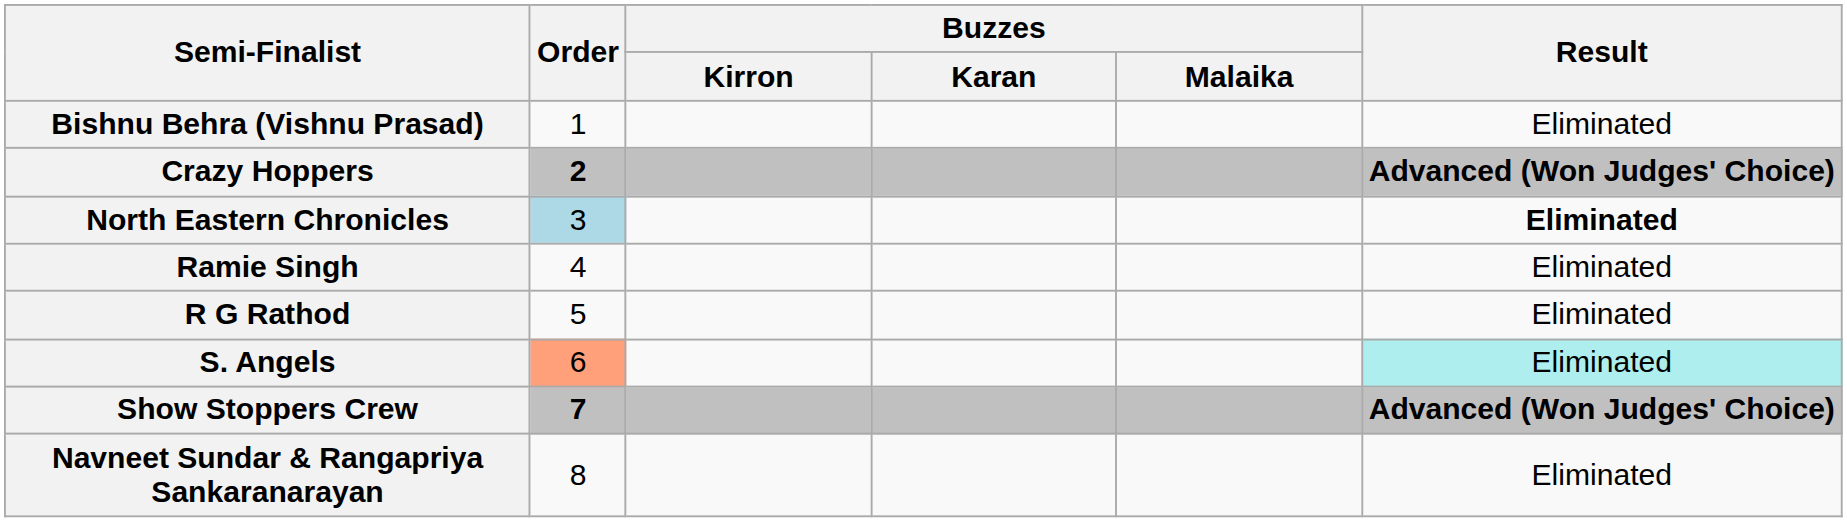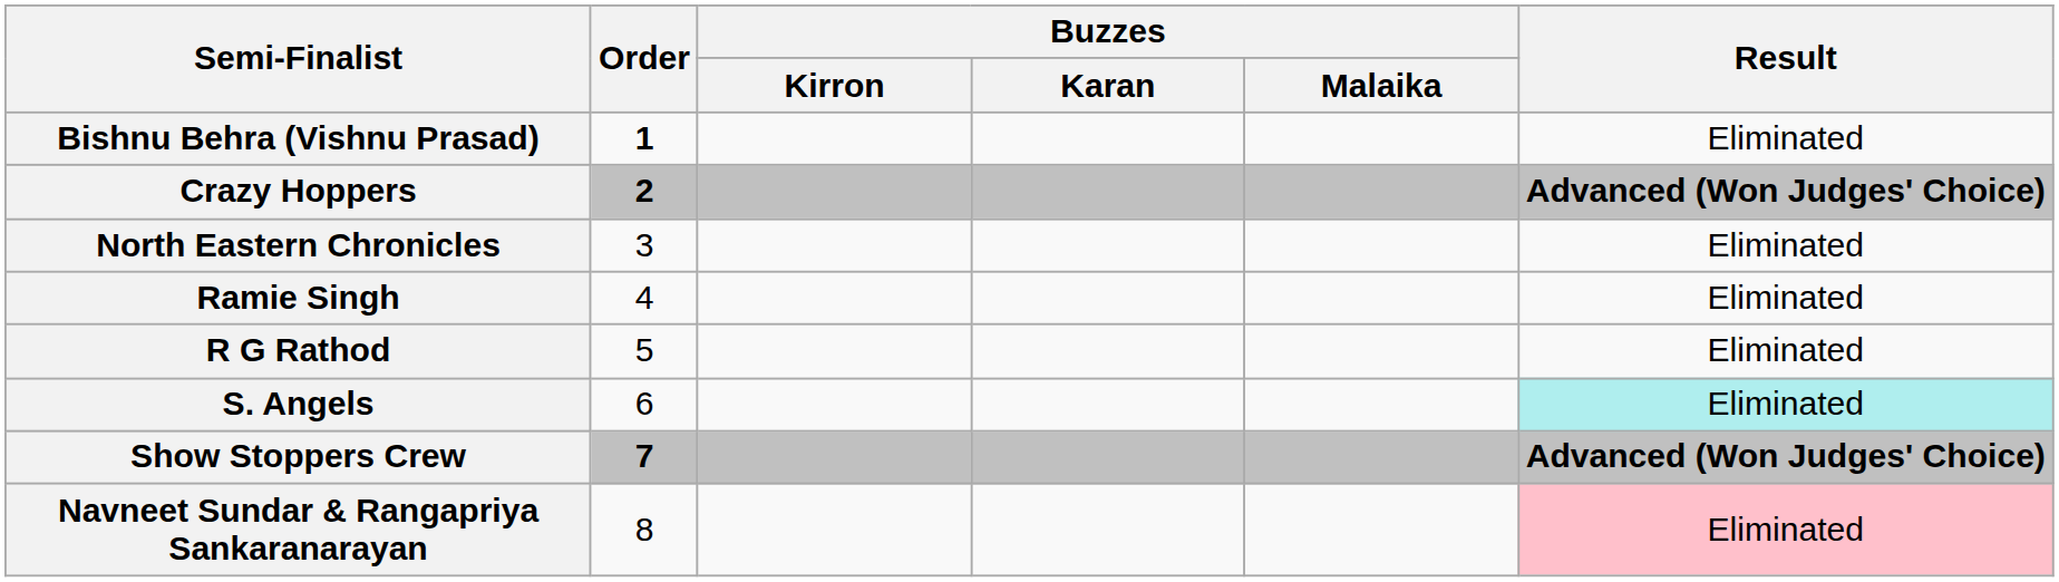 <table class="wikitable plainrowheaders sortable" style="text-align:center;">
 <tr>
 <th scope="col" rowspan="2" class="unsortable" scope="col" style="width:17em;">Semi-Finalist</th>
 <th scope="col" rowspan="2" scope="col" style="width:1em;">Order</th>
 <th scope="col" colspan="3" class="unsortable" scope="col" style="width:24em;">Buzzes</th>
 <th scope="col" rowspan="2">Result</th>
 </tr>
 <tr>
 <th scope="col" class="unsortable" style="width:6em;">Kirron</th>
 <th scope="col" class="unsortable" style="width:6em;">Karan</th>
 <th scope="col" class="unsortable" style="width:6em;">Malaika</th>
 </tr>
 <tr>
 <th scope="row">Bishnu Behra (Vishnu Prasad)</th>
-<td>1</td>
+<td><strong>1</strong></td>
 <td></td>
 <td></td>
 <td></td>
 <td>Eliminated</td>
 </tr>
 <tr style="background:silver;">
 <th scope="row"><strong>Crazy Hoppers</strong></th>
 <td><strong>2</strong></td>
 <td></td>
 <td></td>
 <td></td>
 <td><strong>Advanced (Won Judges' Choice)</strong></td>
 </tr>
 <tr>
 <th scope="row">North Eastern Chronicles</th>
-<td style="background: lightblue;">3</td>
+<td>3</td>
 <td></td>
 <td></td>
 <td></td>
-<td><strong>Eliminated</strong></td>
+<td>Eliminated</td>
 </tr>
 <tr>
 <th scope="row">Ramie Singh</th>
 <td>4</td>
 <td></td>
 <td></td>
 <td></td>
 <td>Eliminated</td>
 </tr>
 <tr>
 <th scope="row">R G Rathod</th>
 <td>5</td>
 <td></td>
 <td></td>
 <td></td>
 <td>Eliminated</td>
 </tr>
 <tr>
 <th scope="row">S. Angels</th>
-<td style="background: lightsalmon;">6</td>
+<td>6</td>
 <td></td>
 <td></td>
 <td></td>
 <td style="background: paleturquoise;">Eliminated</td>
 </tr>
 <tr style="background:silver;">
 <th scope="row"><strong>Show Stoppers Crew</strong></th>
 <td><strong>7</strong></td>
 <td></td>
 <td></td>
 <td></td>
 <td><strong>Advanced (Won Judges' Choice)</strong></td>
 </tr>
 <tr>
 <th scope="row">Navneet Sundar & Rangapriya Sankaranarayan</th>
 <td>8</td>
 <td></td>
 <td></td>
 <td></td>
-<td>Eliminated</td>
+<td style="background: pink;">Eliminated</td>
 </tr>
 </table>
